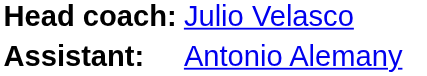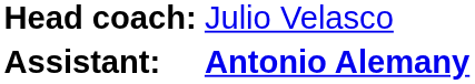 <table>
 <tr>
 <td><strong>Head coach:</strong></td>
 <td><a href='#'>Julio Velasco</a></td>
 </tr>
 <tr>
 <td><strong>Assistant:</strong></td>
-<td><a href='#'>Antonio Alemany</a></td>
+<td><strong><a href='#'>Antonio Alemany</a></strong></td>
 </tr>
 </table>
